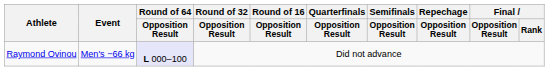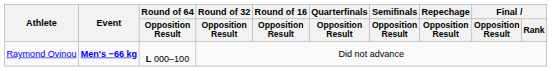 <table class="wikitable" style="font-size:90%">
 <tr>
 <th rowspan="2">Athlete</th>
 <th rowspan="2">Event</th>
 <th>Round of 64</th>
 <th>Round of 32</th>
 <th>Round of 16</th>
 <th>Quarterfinals</th>
 <th>Semifinals</th>
 <th>Repechage</th>
 <th colspan=2>Final / </th>
 </tr>
 <tr style="font-size:95%">
 <th>Opposition<br>Result</th>
 <th>Opposition<br>Result</th>
 <th>Opposition<br>Result</th>
 <th>Opposition<br>Result</th>
 <th>Opposition<br>Result</th>
 <th>Opposition<br>Result</th>
 <th>Opposition<br>Result</th>
 <th>Rank</th>
 </tr>
 <tr align=center>
 <td align=left><a href='#'>Raymond Ovinou</a></td>
-<td align=left><a href='#'>Men's −66 kg</a></td>
-<td style="background: lavender;"><br><strong>L</strong> 000–100</td>
+<td align=left><strong><a href='#'>Men's −66 kg</a></strong></td>
+<td><br><strong>L</strong> 000–100</td>
 <td colspan=7>Did not advance</td>
 </tr>
 </table>
